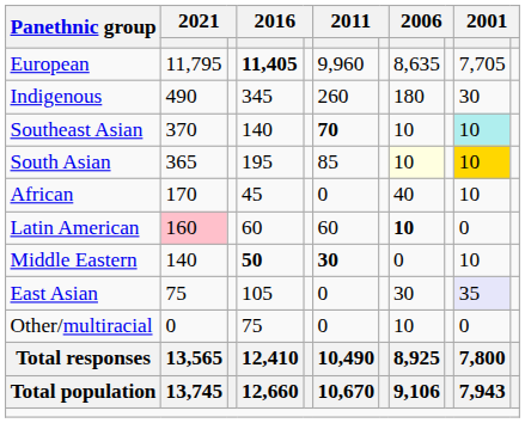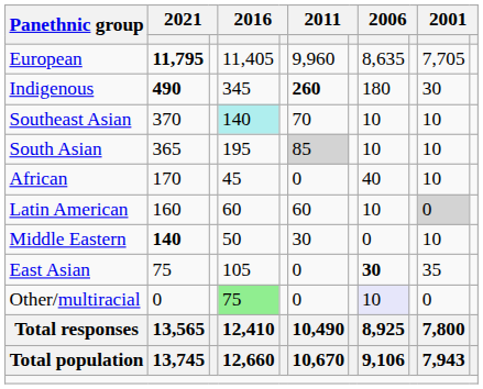 <table class="wikitable collapsible sortable">
 <tr>
 <th rowspan="2"><a href='#'>Panethnic</a> group</th>
 <th colspan="2">2021</th>
 <th colspan="2">2016</th>
 <th colspan="2">2011</th>
 <th colspan="2">2006</th>
 <th colspan="2">2001</th>
 </tr>
 <tr>
 <th><a href='#'></a></th>
 <th></th>
 <th></th>
 <th></th>
 <th></th>
 <th></th>
 <th></th>
 <th></th>
 <th></th>
 <th></th>
 </tr>
 <tr>
 <td><a href='#'>European</a></td>
-<td>11,795</td>
+<td><strong>11,795</strong></td>
 <td></td>
-<td><strong>11,405</strong></td>
+<td>11,405</td>
 <td></td>
 <td>9,960</td>
 <td></td>
 <td>8,635</td>
 <td></td>
 <td>7,705</td>
 <td></td>
 </tr>
 <tr>
 <td><a href='#'>Indigenous</a></td>
-<td>490</td>
+<td><strong>490</strong></td>
 <td></td>
 <td>345</td>
 <td></td>
-<td>260</td>
+<td><strong>260</strong></td>
 <td></td>
 <td>180</td>
 <td></td>
 <td>30</td>
 <td></td>
 </tr>
 <tr>
 <td><a href='#'>Southeast Asian</a></td>
 <td>370</td>
 <td></td>
-<td>140</td>
+<td style="background: paleturquoise;">140</td>
 <td></td>
-<td><strong>70</strong></td>
+<td>70</td>
 <td></td>
 <td>10</td>
 <td></td>
-<td style="background: paleturquoise;">10</td>
+<td>10</td>
 <td></td>
 </tr>
 <tr>
 <td><a href='#'>South Asian</a></td>
 <td>365</td>
 <td></td>
 <td>195</td>
 <td></td>
-<td>85</td>
+<td style="background: lightgrey;">85</td>
 <td></td>
-<td style="background: lightyellow;">10</td>
+<td>10</td>
 <td></td>
-<td style="background: gold;">10</td>
+<td>10</td>
 <td></td>
 </tr>
 <tr>
 <td><a href='#'>African</a></td>
 <td>170</td>
 <td></td>
 <td>45</td>
 <td></td>
 <td>0</td>
 <td></td>
 <td>40</td>
 <td></td>
 <td>10</td>
 <td></td>
 </tr>
 <tr>
 <td><a href='#'>Latin American</a></td>
-<td style="background: pink;">160</td>
+<td>160</td>
 <td></td>
 <td>60</td>
 <td></td>
 <td>60</td>
 <td></td>
-<td><strong>10</strong></td>
+<td>10</td>
 <td></td>
-<td>0</td>
+<td style="background: lightgrey;">0</td>
 <td></td>
 </tr>
 <tr>
 <td><a href='#'>Middle Eastern</a></td>
-<td>140</td>
+<td><strong>140</strong></td>
 <td></td>
-<td><strong>50</strong></td>
+<td>50</td>
 <td></td>
-<td><strong>30</strong></td>
+<td>30</td>
 <td></td>
 <td>0</td>
 <td></td>
 <td>10</td>
 <td></td>
 </tr>
 <tr>
 <td><a href='#'>East Asian</a></td>
 <td>75</td>
 <td></td>
 <td>105</td>
 <td></td>
 <td>0</td>
 <td></td>
-<td>30</td>
+<td><strong>30</strong></td>
 <td></td>
-<td style="background: lavender;">35</td>
+<td>35</td>
 <td></td>
 </tr>
 <tr>
 <td>Other/<a href='#'>multiracial</a></td>
 <td>0</td>
 <td></td>
-<td>75</td>
+<td style="background: lightgreen;">75</td>
 <td></td>
 <td>0</td>
 <td></td>
-<td>10</td>
+<td style="background: lavender;">10</td>
 <td></td>
 <td>0</td>
 <td></td>
 </tr>
 <tr>
 <th>Total responses</th>
 <th>13,565</th>
 <th></th>
 <th>12,410</th>
 <th></th>
 <th>10,490</th>
 <th></th>
 <th>8,925</th>
 <th></th>
 <th>7,800</th>
 <th></th>
 </tr>
 <tr class="sortbottom">
 <th>Total population</th>
 <th>13,745</th>
 <th></th>
 <th>12,660</th>
 <th></th>
 <th>10,670</th>
 <th></th>
 <th>9,106</th>
 <th></th>
 <th>7,943</th>
 <th></th>
 </tr>
 <tr class="sortbottom">
 <td colspan="11"></td>
 </tr>
 </table>
